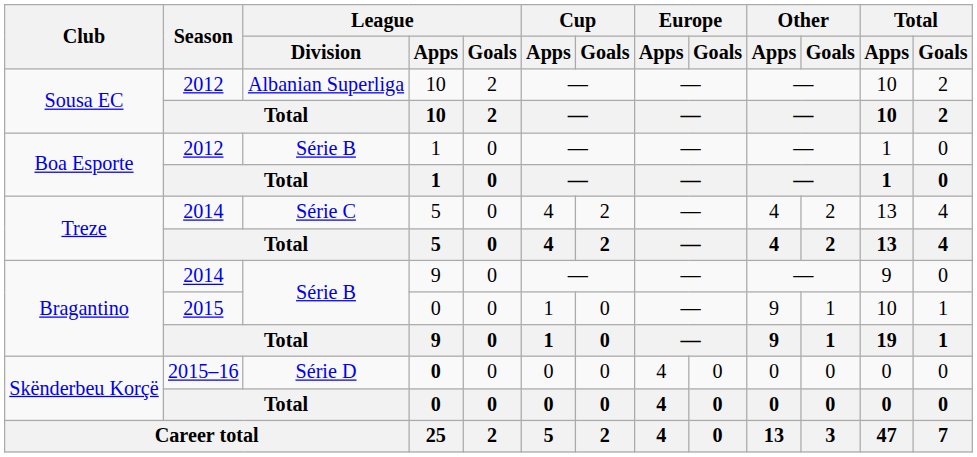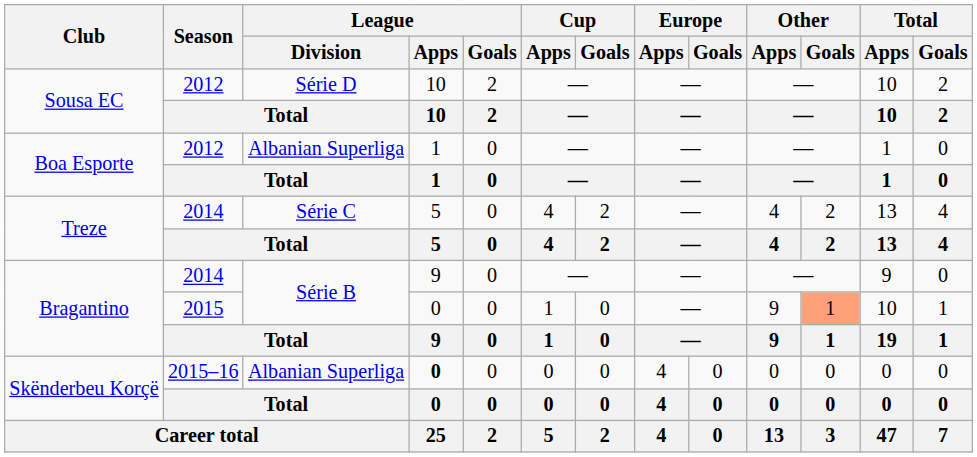 <table class="wikitable" style="text-align: center;">
 <tr>
 <th rowspan="2">Club</th>
 <th rowspan="2">Season</th>
 <th colspan="3">League</th>
 <th colspan="2">Cup</th>
 <th colspan="2">Europe</th>
 <th colspan="2">Other</th>
 <th colspan="2">Total</th>
 </tr>
 <tr>
 <th>Division</th>
 <th>Apps</th>
 <th>Goals</th>
 <th>Apps</th>
 <th>Goals</th>
 <th>Apps</th>
 <th>Goals</th>
 <th>Apps</th>
 <th>Goals</th>
 <th>Apps</th>
 <th>Goals</th>
 </tr>
 <tr>
 <td rowspan="2" valign="center"><a href='#'>Sousa EC</a></td>
 <td><a href='#'>2012</a></td>
-<td rowspan="1"><a href='#'>Albanian Superliga</a></td>
+<td><a href='#'>Série D</a></td>
 <td>10</td>
 <td>2</td>
 <td colspan="2">—</td>
 <td colspan="2">—</td>
 <td colspan="2">—</td>
 <td>10</td>
 <td>2</td>
 </tr>
 <tr>
 <th colspan="2" valign="center">Total</th>
 <th>10</th>
 <th>2</th>
 <th colspan="2">—</th>
 <th colspan="2">—</th>
 <th colspan="2">—</th>
 <th>10</th>
 <th>2</th>
 </tr>
 <tr>
 <td rowspan="2" valign="center"><a href='#'>Boa Esporte</a></td>
 <td><a href='#'>2012</a></td>
-<td><a href='#'>Série B</a></td>
+<td rowspan="1"><a href='#'>Albanian Superliga</a></td>
 <td>1</td>
 <td>0</td>
 <td colspan="2">—</td>
 <td colspan="2">—</td>
 <td colspan="2">—</td>
 <td>1</td>
 <td>0</td>
 </tr>
 <tr>
 <th colspan="2" valign="center">Total</th>
 <th>1</th>
 <th>0</th>
 <th colspan="2">—</th>
 <th colspan="2">—</th>
 <th colspan="2">—</th>
 <th>1</th>
 <th>0</th>
 </tr>
 <tr>
 <td rowspan="2" valign="center"><a href='#'>Treze</a></td>
 <td><a href='#'>2014</a></td>
 <td><a href='#'>Série C</a></td>
 <td>5</td>
 <td>0</td>
 <td>4</td>
 <td>2</td>
 <td colspan="2">—</td>
 <td>4</td>
 <td>2</td>
 <td>13</td>
 <td>4</td>
 </tr>
 <tr>
 <th colspan="2" valign="center">Total</th>
 <th>5</th>
 <th>0</th>
 <th>4</th>
 <th>2</th>
 <th colspan="2">—</th>
 <th>4</th>
 <th>2</th>
 <th>13</th>
 <th>4</th>
 </tr>
 <tr>
 <td rowspan="3" valign="center"><a href='#'>Bragantino</a></td>
 <td><a href='#'>2014</a></td>
 <td rowspan="2" valign="center"><a href='#'>Série B</a></td>
 <td>9</td>
 <td>0</td>
 <td colspan="2">—</td>
 <td colspan="2">—</td>
 <td colspan="2">—</td>
 <td>9</td>
 <td>0</td>
 </tr>
 <tr>
 <td><a href='#'>2015</a></td>
 <td>0</td>
 <td>0</td>
 <td>1</td>
 <td>0</td>
 <td colspan="2">—</td>
 <td>9</td>
-<td>1</td>
+<td style="background: lightsalmon;">1</td>
 <td>10</td>
 <td>1</td>
 </tr>
 <tr>
 <th colspan="2" valign="center">Total</th>
 <th>9</th>
 <th>0</th>
 <th>1</th>
 <th>0</th>
 <th colspan="2">—</th>
 <th>9</th>
 <th>1</th>
 <th>19</th>
 <th>1</th>
 </tr>
 <tr>
 <td rowspan="2" valign="center"><a href='#'>Skënderbeu Korçë</a></td>
 <td><a href='#'>2015–16</a></td>
-<td><a href='#'>Série D</a></td>
+<td rowspan="1"><a href='#'>Albanian Superliga</a></td>
 <td><strong>0</strong></td>
 <td>0</td>
 <td>0</td>
 <td>0</td>
 <td>4</td>
 <td>0</td>
 <td>0</td>
 <td>0</td>
 <td>0</td>
 <td>0</td>
 </tr>
 <tr>
 <th colspan="2">Total</th>
 <th>0</th>
 <th>0</th>
 <th>0</th>
 <th>0</th>
 <th>4</th>
 <th>0</th>
 <th>0</th>
 <th>0</th>
 <th>0</th>
 <th>0</th>
 </tr>
 <tr>
 <th colspan="3">Career total</th>
 <th>25</th>
 <th>2</th>
 <th>5</th>
 <th>2</th>
 <th>4</th>
 <th>0</th>
 <th>13</th>
 <th>3</th>
 <th>47</th>
 <th>7</th>
 </tr>
 </table>
